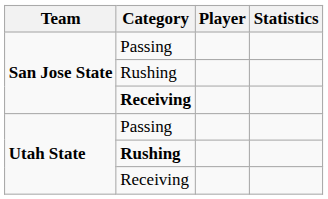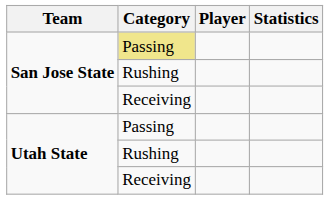 <table class="wikitable" style="float: right;">
 <tr>
 <th>Team</th>
 <th>Category</th>
 <th>Player</th>
 <th>Statistics</th>
 </tr>
 <tr>
 <td rowspan=3><strong>San Jose State</strong></td>
+<td style="background: khaki;">Passing</td>
+<td></td>
+<td></td>
+</tr>
+<tr>
+<td>Rushing</td>
+<td></td>
+<td></td>
+</tr>
+<tr>
+<td>Receiving</td>
+<td></td>
+<td></td>
+</tr>
+<tr>
+<td rowspan=3><strong>Utah State</strong></td>
 <td>Passing</td>
 <td></td>
 <td></td>
 </tr>
 <tr>
 <td>Rushing</td>
 <td></td>
 <td></td>
 </tr>
 <tr>
-<td><strong>Receiving</strong></td>
-<td></td>
-<td></td>
-</tr>
-<tr>
-<td rowspan=3><strong>Utah State</strong></td>
-<td>Passing</td>
-<td></td>
-<td></td>
-</tr>
-<tr>
-<td><strong>Rushing</strong></td>
-<td></td>
-<td></td>
-</tr>
-<tr>
 <td>Receiving</td>
 <td></td>
 <td></td>
 </tr>
 </table>
